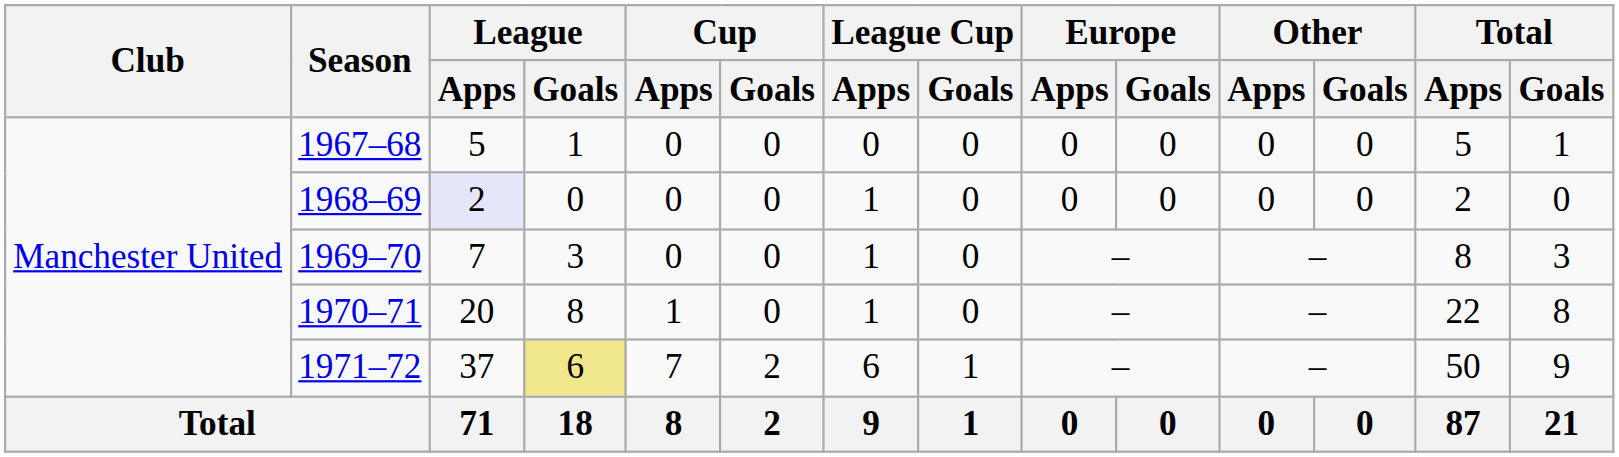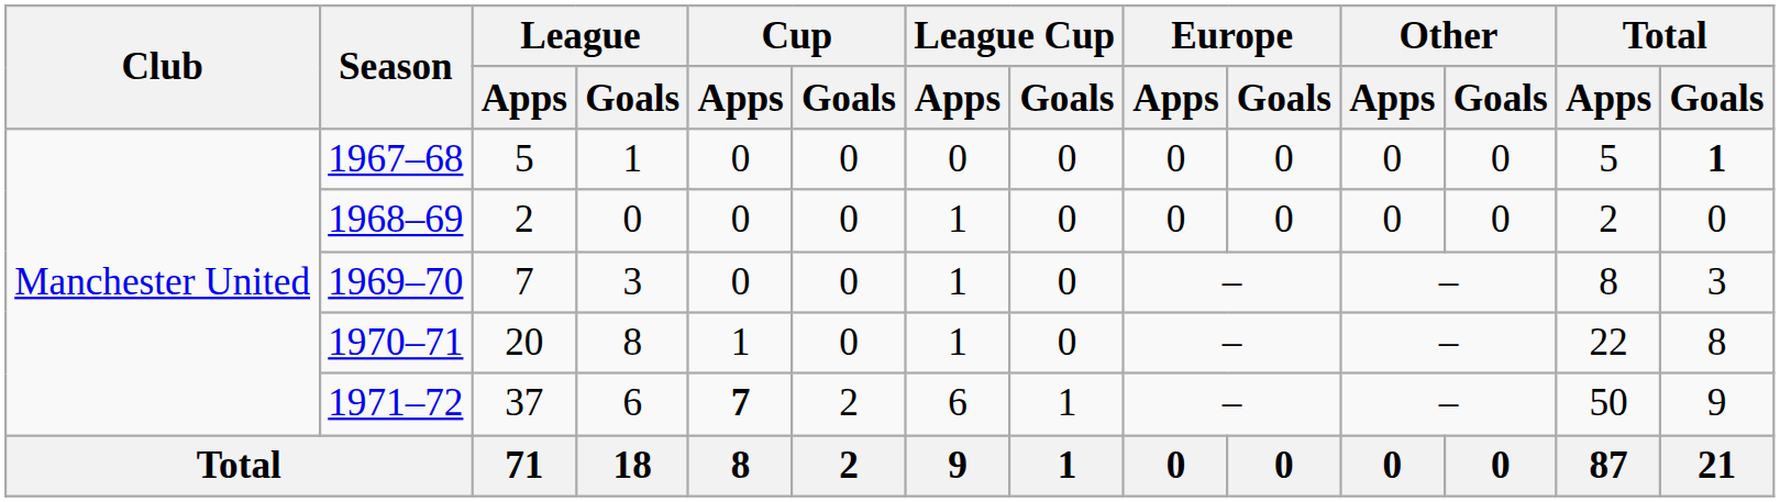 <table class="wikitable" style="text-align:center">
 <tr>
 <th rowspan="2">Club</th>
 <th rowspan="2">Season</th>
 <th colspan="2">League</th>
 <th colspan="2">Cup</th>
 <th colspan="2">League Cup</th>
 <th colspan="2">Europe</th>
 <th colspan="2">Other</th>
 <th colspan="2">Total</th>
 </tr>
 <tr>
 <th>Apps</th>
 <th>Goals</th>
 <th>Apps</th>
 <th>Goals</th>
 <th>Apps</th>
 <th>Goals</th>
 <th>Apps</th>
 <th>Goals</th>
 <th>Apps</th>
 <th>Goals</th>
 <th>Apps</th>
 <th>Goals</th>
 </tr>
 <tr>
 <td rowspan="5"><a href='#'>Manchester United</a></td>
 <td><a href='#'>1967–68</a></td>
 <td>5</td>
 <td>1</td>
 <td>0</td>
 <td>0</td>
 <td>0</td>
 <td>0</td>
 <td>0</td>
 <td>0</td>
 <td>0</td>
 <td>0</td>
 <td>5</td>
-<td>1</td>
+<td><strong>1</strong></td>
 </tr>
 <tr>
 <td><a href='#'>1968–69</a></td>
-<td style="background: lavender;">2</td>
+<td>2</td>
 <td>0</td>
 <td>0</td>
 <td>0</td>
 <td>1</td>
 <td>0</td>
 <td>0</td>
 <td>0</td>
 <td>0</td>
 <td>0</td>
 <td>2</td>
 <td>0</td>
 </tr>
 <tr>
 <td><a href='#'>1969–70</a></td>
 <td>7</td>
 <td>3</td>
 <td>0</td>
 <td>0</td>
 <td>1</td>
 <td>0</td>
 <td colspan="2">–</td>
 <td colspan="2">–</td>
 <td>8</td>
 <td>3</td>
 </tr>
 <tr>
 <td><a href='#'>1970–71</a></td>
 <td>20</td>
 <td>8</td>
 <td>1</td>
 <td>0</td>
 <td>1</td>
 <td>0</td>
 <td colspan="2">–</td>
 <td colspan="2">–</td>
 <td>22</td>
 <td>8</td>
 </tr>
 <tr>
 <td><a href='#'>1971–72</a></td>
 <td>37</td>
-<td style="background: khaki;">6</td>
-<td>7</td>
+<td>6</td>
+<td><strong>7</strong></td>
 <td>2</td>
 <td>6</td>
 <td>1</td>
 <td colspan="2">–</td>
 <td colspan="2">–</td>
 <td>50</td>
 <td>9</td>
 </tr>
 <tr>
 <th colspan="2">Total</th>
 <th>71</th>
 <th>18</th>
 <th>8</th>
 <th>2</th>
 <th>9</th>
 <th>1</th>
 <th>0</th>
 <th>0</th>
 <th>0</th>
 <th>0</th>
 <th>87</th>
 <th>21</th>
 </tr>
 </table>
